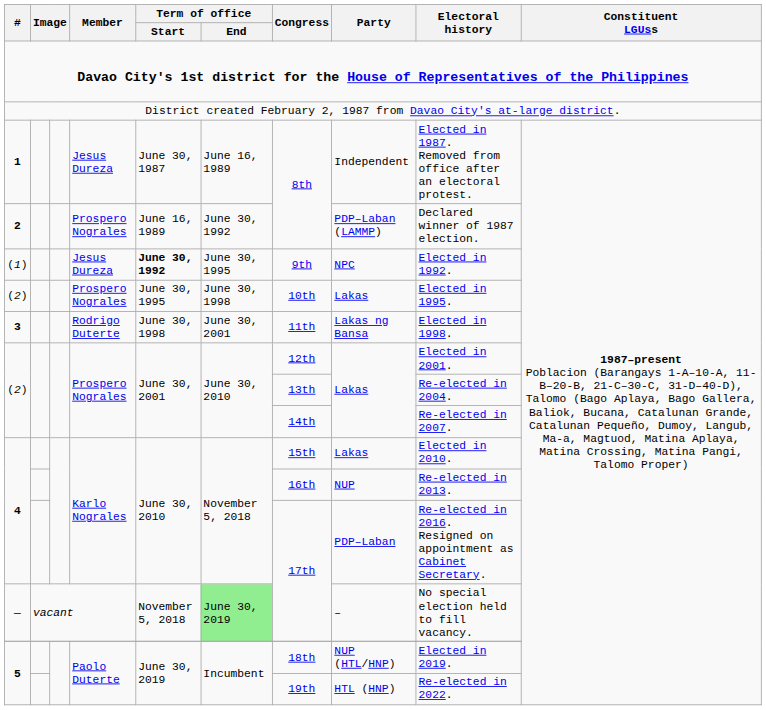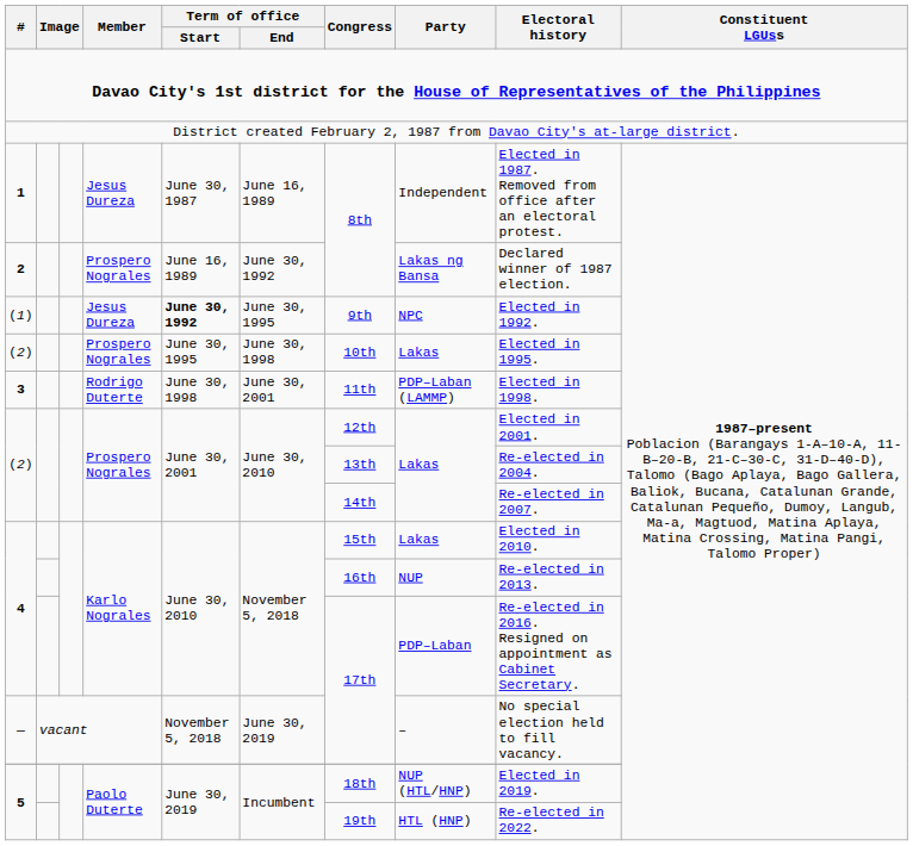 <table class=wikitable>
 <tr>
 <th rowspan="2">#</th>
 <th rowspan="2" colspan=2>Image</th>
 <th rowspan="2">Member</th>
 <th colspan=2>Term of office</th>
 <th rowspan="2">Congress</th>
 <th rowspan="2">Party</th>
 <th rowspan="2">Electoral history</th>
 <th rowspan="2">Constituent<br><a href='#'>LGUs</a>s</th>
 </tr>
 <tr>
 <th>Start</th>
 <th>End</th>
 </tr>
 <tr>
 <td colspan="10" style="text-align:center;"><br><h3>Davao City's 1st district for the <a href='#'>House of Representatives of the Philippines</a></h3></td>
 </tr>
 <tr>
 <td colspan="10" style="text-align:center;">District created February 2, 1987 from <a href='#'>Davao City's at-large district</a>.</td>
 </tr>
 <tr>
 <td style="text-align:center;"><strong>1</strong></td>
 <td style="color:inherit;background:"></td>
 <td></td>
 <td><a href='#'>Jesus Dureza</a></td>
 <td>June 30, 1987</td>
 <td>June 16, 1989</td>
 <td rowspan="2" style="text-align:center;"><a href='#'>8th</a></td>
 <td>Independent</td>
 <td><a href='#'>Elected in 1987</a>.<br>Removed from office after an electoral protest.</td>
 <td rowspan="99" style="text-align:center;"><strong>1987–present</strong><br>Poblacion (Barangays 1-A–10-A, 11-B–20-B, 21-C–30-C, 31-D–40-D), Talomo (Bago Aplaya, Bago Gallera, Baliok, Bucana, Catalunan Grande, Catalunan Pequeño, Dumoy, Langub, Ma-a, Magtuod, Matina Aplaya, Matina Crossing, Matina Pangi, Talomo Proper)</td>
 </tr>
 <tr>
 <td style="text-align:center;"><strong>2</strong></td>
 <td style="color:inherit;background:"></td>
 <td></td>
 <td><a href='#'>Prospero Nograles</a></td>
 <td>June 16, 1989</td>
 <td>June 30, 1992</td>
-<td><a href='#'>PDP–Laban</a> (<a href='#'>LAMMP</a>)</td>
+<td><a href='#'>Lakas ng Bansa</a></td>
 <td>Declared winner of 1987 election.</td>
 </tr>
 <tr>
 <td style="text-align:center;">(<em>1</em>)</td>
 <td style="color:inherit;background:"></td>
 <td></td>
 <td><a href='#'>Jesus Dureza</a></td>
 <td><strong>June 30, 1992</strong></td>
 <td>June 30, 1995</td>
 <td style="text-align:center;"><a href='#'>9th</a></td>
 <td><a href='#'>NPC</a></td>
 <td><a href='#'>Elected in 1992</a>.</td>
 </tr>
 <tr>
 <td style="text-align:center;">(<em>2</em>)</td>
 <td style="color:inherit;background:"></td>
 <td></td>
 <td><a href='#'>Prospero Nograles</a></td>
 <td>June 30, 1995</td>
 <td>June 30, 1998</td>
 <td style="text-align:center;"><a href='#'>10th</a></td>
 <td><a href='#'>Lakas</a></td>
 <td><a href='#'>Elected in 1995</a>.</td>
 </tr>
 <tr>
 <td style="text-align:center;"><strong>3</strong></td>
 <td style="color:inherit;background:"></td>
 <td></td>
 <td><a href='#'>Rodrigo Duterte</a></td>
 <td>June 30, 1998</td>
 <td>June 30, 2001</td>
 <td style="text-align:center;"><a href='#'>11th</a></td>
-<td><a href='#'>Lakas ng Bansa</a></td>
+<td><a href='#'>PDP–Laban</a> (<a href='#'>LAMMP</a>)</td>
 <td><a href='#'>Elected in 1998</a>.</td>
 </tr>
 <tr>
 <td rowspan="3" style="text-align:center;">(<em>2</em>)</td>
 <td rowspan="3" style="color:inherit;background:"></td>
 <td rowspan="3"></td>
 <td rowspan="3"><a href='#'>Prospero Nograles</a></td>
 <td rowspan="3">June 30, 2001</td>
 <td rowspan="3">June 30, 2010</td>
 <td style="text-align:center;"><a href='#'>12th</a></td>
 <td rowspan="3"><a href='#'>Lakas</a></td>
 <td><a href='#'>Elected in 2001</a>.</td>
 </tr>
 <tr>
 <td style="text-align:center;"><a href='#'>13th</a></td>
 <td><a href='#'>Re-elected in 2004</a>.</td>
 </tr>
 <tr>
 <td style="text-align:center;"><a href='#'>14th</a></td>
 <td><a href='#'>Re-elected in 2007</a>.</td>
 </tr>
 <tr>
 <td rowspan="3" style="text-align:center;"><strong>4</strong></td>
 <td style="color:inherit;background:"></td>
 <td rowspan="3"></td>
 <td rowspan="3"><a href='#'>Karlo Nograles</a></td>
 <td rowspan="3">June 30, 2010</td>
 <td rowspan="3">November 5, 2018</td>
 <td style="text-align:center;"><a href='#'>15th</a></td>
 <td><a href='#'>Lakas</a></td>
 <td><a href='#'>Elected in 2010</a>.</td>
 </tr>
 <tr>
 <td style="color:inherit;background:"></td>
 <td style="text-align:center;"><a href='#'>16th</a></td>
 <td><a href='#'>NUP</a></td>
 <td><a href='#'>Re-elected in 2013</a>.</td>
 </tr>
 <tr>
 <td style="color:inherit;background:"></td>
 <td rowspan="2" style="text-align:center;"><a href='#'>17th</a></td>
 <td><a href='#'>PDP–Laban</a></td>
 <td><a href='#'>Re-elected in 2016</a>.<br>Resigned on appointment as <a href='#'>Cabinet Secretary</a>.</td>
 </tr>
 <tr>
 <td style="text-align:center;">—</td>
 <td colspan="3"><em>vacant</em></td>
 <td>November 5, 2018</td>
-<td style="background: lightgreen;">June 30, 2019</td>
+<td>June 30, 2019</td>
 <td>–</td>
 <td>No special election held to fill vacancy.</td>
 </tr>
 <tr>
 </tr>
 <tr>
 <td rowspan="2" style="text-align:center;"><strong>5</strong></td>
 <td style="background:"></td>
 <td rowspan="2"></td>
 <td rowspan="2"><a href='#'>Paolo Duterte</a></td>
 <td rowspan="2">June 30, 2019</td>
 <td rowspan="2">Incumbent</td>
 <td style="text-align:center;"><a href='#'>18th</a></td>
 <td><a href='#'>NUP</a> (<a href='#'>HTL</a>/<a href='#'>HNP</a>)</td>
 <td><a href='#'>Elected in 2019</a>.</td>
 </tr>
 <tr>
 <td style="background:"></td>
 <td style="text-align:center;"><a href='#'>19th</a></td>
 <td><a href='#'>HTL</a> (<a href='#'>HNP</a>)</td>
 <td><a href='#'>Re-elected in 2022</a>.</td>
 </tr>
 </table>
